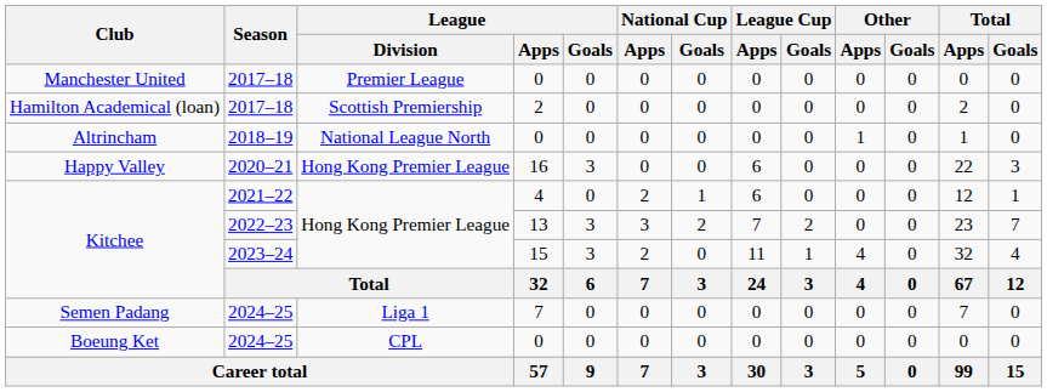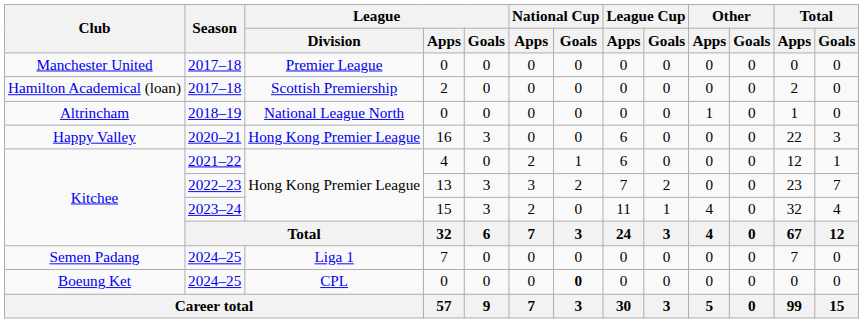 <table class=wikitable style="text-align: center">
 <tr>
 <th rowspan=2>Club</th>
 <th rowspan=2>Season</th>
 <th colspan=3>League</th>
 <th colspan=2>National Cup</th>
 <th colspan=2>League Cup</th>
 <th colspan=2>Other</th>
 <th colspan=2>Total</th>
 </tr>
 <tr>
 <th>Division</th>
 <th>Apps</th>
 <th>Goals</th>
 <th>Apps</th>
 <th>Goals</th>
 <th>Apps</th>
 <th>Goals</th>
 <th>Apps</th>
 <th>Goals</th>
 <th>Apps</th>
 <th>Goals</th>
 </tr>
 <tr>
 <td><a href='#'>Manchester United</a></td>
 <td><a href='#'>2017–18</a></td>
 <td><a href='#'>Premier League</a></td>
 <td>0</td>
 <td>0</td>
 <td>0</td>
 <td>0</td>
 <td>0</td>
 <td>0</td>
 <td>0</td>
 <td>0</td>
 <td>0</td>
 <td>0</td>
 </tr>
 <tr>
 <td><a href='#'>Hamilton Academical</a> (loan)</td>
 <td><a href='#'>2017–18</a></td>
 <td><a href='#'>Scottish Premiership</a></td>
 <td>2</td>
 <td>0</td>
 <td>0</td>
 <td>0</td>
 <td>0</td>
 <td>0</td>
 <td>0</td>
 <td>0</td>
 <td>2</td>
 <td>0</td>
 </tr>
 <tr>
 <td><a href='#'>Altrincham</a></td>
 <td><a href='#'>2018–19</a></td>
 <td><a href='#'>National League North</a></td>
 <td>0</td>
 <td>0</td>
 <td>0</td>
 <td>0</td>
 <td>0</td>
 <td>0</td>
 <td>1</td>
 <td>0</td>
 <td>1</td>
 <td>0</td>
 </tr>
 <tr>
 <td><a href='#'>Happy Valley</a></td>
 <td><a href='#'>2020–21</a></td>
 <td><a href='#'>Hong Kong Premier League</a></td>
 <td>16</td>
 <td>3</td>
 <td>0</td>
 <td>0</td>
 <td>6</td>
 <td>0</td>
 <td>0</td>
 <td>0</td>
 <td>22</td>
 <td>3</td>
 </tr>
 <tr>
 <td rowspan=4><a href='#'>Kitchee</a></td>
 <td><a href='#'>2021–22</a></td>
 <td rowspan=3>Hong Kong Premier League</td>
 <td>4</td>
 <td>0</td>
 <td>2</td>
 <td>1</td>
 <td>6</td>
 <td>0</td>
 <td>0</td>
 <td>0</td>
 <td>12</td>
 <td>1</td>
 </tr>
 <tr>
 <td><a href='#'>2022–23</a></td>
 <td>13</td>
 <td>3</td>
 <td>3</td>
 <td>2</td>
 <td>7</td>
 <td>2</td>
 <td>0</td>
 <td>0</td>
 <td>23</td>
 <td>7</td>
 </tr>
 <tr>
 <td><a href='#'>2023–24</a></td>
 <td>15</td>
 <td>3</td>
 <td>2</td>
 <td>0</td>
 <td>11</td>
 <td>1</td>
 <td>4</td>
 <td>0</td>
 <td>32</td>
 <td>4</td>
 </tr>
 <tr>
 <th colspan="2">Total</th>
 <th>32</th>
 <th>6</th>
 <th>7</th>
 <th>3</th>
 <th>24</th>
 <th>3</th>
 <th>4</th>
 <th>0</th>
 <th>67</th>
 <th>12</th>
 </tr>
 <tr>
 <td><a href='#'>Semen Padang</a></td>
 <td><a href='#'>2024–25</a></td>
 <td><a href='#'>Liga 1</a></td>
 <td>7</td>
 <td>0</td>
 <td>0</td>
 <td>0</td>
 <td>0</td>
 <td>0</td>
 <td>0</td>
 <td>0</td>
 <td>7</td>
 <td>0</td>
 </tr>
 <tr>
 <td><a href='#'>Boeung Ket</a></td>
 <td><a href='#'>2024–25</a></td>
 <td><a href='#'>CPL</a></td>
 <td>0</td>
 <td>0</td>
 <td>0</td>
-<td>0</td>
+<td><strong>0</strong></td>
 <td>0</td>
 <td>0</td>
 <td>0</td>
 <td>0</td>
 <td>0</td>
 <td>0</td>
 </tr>
 <tr>
 <th colspan="3">Career total</th>
 <th>57</th>
 <th>9</th>
 <th>7</th>
 <th>3</th>
 <th>30</th>
 <th>3</th>
 <th>5</th>
 <th>0</th>
 <th>99</th>
 <th>15</th>
 </tr>
 </table>
